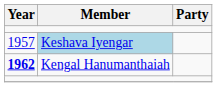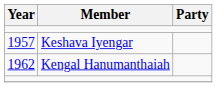 <table class="wikitable sortable">
 <tr>
 <th>Year</th>
 <th>Member</th>
 <th colspan="2">Party</th>
 </tr>
 <tr>
 <td colspan=4></td>
 </tr>
 <tr>
 <td><a href='#'>1957</a></td>
-<td style="background: lightblue;"><a href='#'>Keshava Iyengar</a></td>
+<td><a href='#'>Keshava Iyengar</a></td>
 <td></td>
 </tr>
 <tr>
-<td><strong><a href='#'>1962</a></strong></td>
+<td><a href='#'>1962</a></td>
 <td><a href='#'>Kengal Hanumanthaiah</a></td>
 </tr>
 <tr>
 <td colspan=4></td>
 </tr>
 <tr>
 </tr>
 </table>
